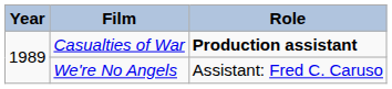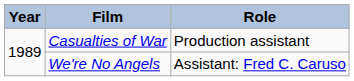 <table class="wikitable" style="font-size:95%;">
 <tr>
 <th style="background:#B0C4DE;">Year</th>
 <th style="background:#B0C4DE;">Film</th>
 <th style="background:#B0C4DE;">Role</th>
 </tr>
 <tr>
 <td rowspan=2>1989</td>
 <td><em><a href='#'>Casualties of War</a></em></td>
-<td><strong>Production assistant</strong></td>
+<td>Production assistant</td>
 </tr>
 <tr>
 <td><em><a href='#'>We're No Angels</a></em></td>
 <td>Assistant: <a href='#'>Fred C. Caruso</a></td>
 </tr>
 </table>
